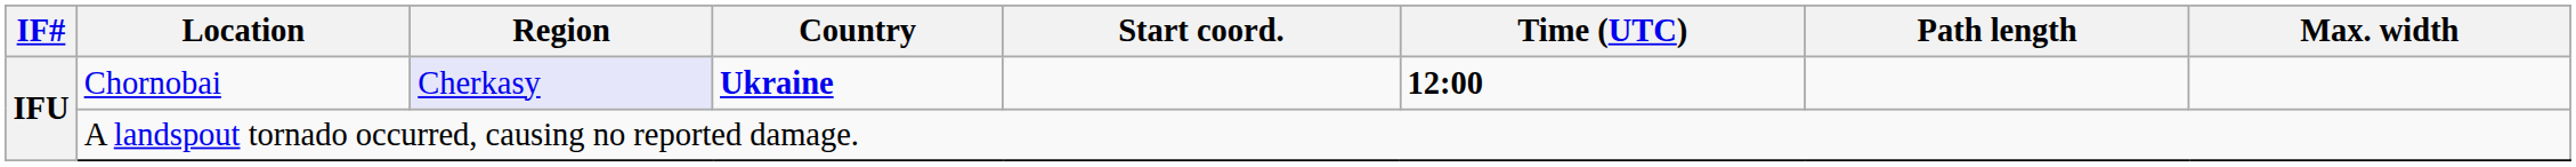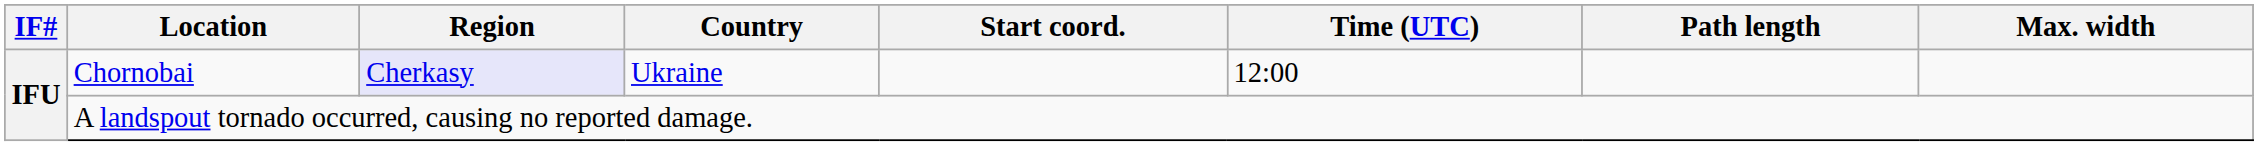 <table class="wikitable sortable" style="width:100%;">
 <tr>
 <th scope="col" width="2%" align="center"><a href='#'>IF#</a></th>
 <th scope="col" align="center" class="unsortable">Location</th>
 <th scope="col" align="center" class="unsortable">Region</th>
 <th scope="col" align="center">Country</th>
 <th scope="col" align="center">Start coord.</th>
 <th scope="col" align="center">Time (<a href='#'>UTC</a>)</th>
 <th scope="col" align="center">Path length</th>
 <th scope="col" align="center">Max. width</th>
 </tr>
 <tr>
 <th scope="row" rowspan="2" style="background-color:#">IFU</th>
 <td><a href='#'>Chornobai</a></td>
 <td style="background: lavender;"><a href='#'>Cherkasy</a></td>
-<td><strong><a href='#'>Ukraine</a></strong></td>
+<td><a href='#'>Ukraine</a></td>
 <td></td>
-<td><strong>12:00</strong></td>
+<td>12:00</td>
 <td></td>
 <td></td>
 </tr>
 <tr class="expand-child">
 <td colspan="8" style=" border-bottom: 1px solid black;">A <a href='#'>landspout</a> tornado occurred, causing no reported damage.</td>
 </tr>
 </table>
